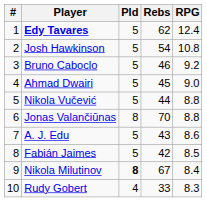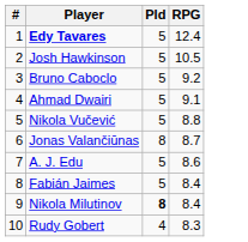 <table class=wikitable style="text-align:right; display:inline-table;">
 <tr>
 <th>#</th>
 <th>Player</th>
 <th>Pld</th>
-<th>Rebs</th>
 <th>RPG</th>
 </tr>
 <tr>
 <td>1</td>
 <td align=left> <strong><a href='#'>Edy Tavares</a></strong></td>
 <td>5</td>
-<td>62</td>
 <td>12.4</td>
 </tr>
 <tr>
 <td>2</td>
 <td align=left> <a href='#'>Josh Hawkinson</a></td>
 <td>5</td>
-<td>54</td>
-<td>10.8</td>
+<td>10.5</td>
 </tr>
 <tr>
 <td>3</td>
 <td align=left> <a href='#'>Bruno Caboclo</a></td>
 <td>5</td>
-<td>46</td>
 <td>9.2</td>
 </tr>
 <tr>
 <td>4</td>
 <td align=left> <a href='#'>Ahmad Dwairi</a></td>
 <td>5</td>
-<td>45</td>
-<td>9.0</td>
+<td>9.1</td>
 </tr>
 <tr>
 <td>5</td>
 <td align=left> <a href='#'>Nikola Vučević</a></td>
 <td>5</td>
-<td>44</td>
 <td>8.8</td>
 </tr>
 <tr>
 <td>6</td>
 <td align=left> <a href='#'>Jonas Valančiūnas</a></td>
 <td>8</td>
-<td>70</td>
-<td>8.8</td>
+<td>8.7</td>
 </tr>
 <tr>
 <td>7</td>
 <td align=left> <a href='#'>A. J. Edu</a></td>
 <td>5</td>
-<td>43</td>
 <td>8.6</td>
 </tr>
 <tr>
 <td>8</td>
 <td align=left> <a href='#'>Fabián Jaimes</a></td>
 <td>5</td>
-<td>42</td>
-<td>8.5</td>
+<td>8.4</td>
 </tr>
 <tr>
 <td>9</td>
 <td align=left> <a href='#'>Nikola Milutinov</a></td>
 <td><strong>8</strong></td>
-<td>67</td>
 <td>8.4</td>
 </tr>
 <tr>
 <td>10</td>
 <td align=left> <a href='#'>Rudy Gobert</a></td>
 <td>4</td>
-<td>33</td>
 <td>8.3</td>
 </tr>
 </table>
